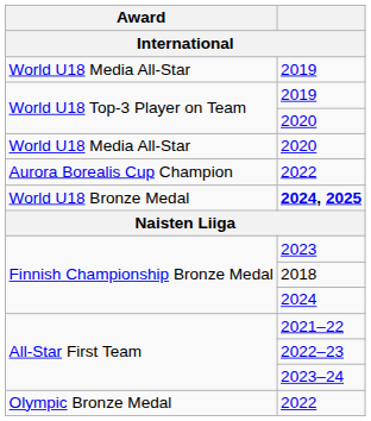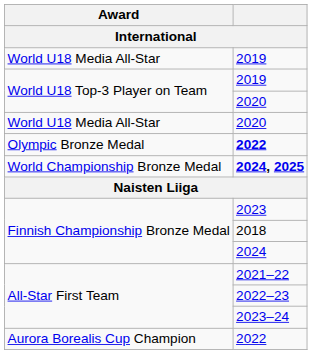 <table class="wikitable">
 <tr>
 <th scope="col">Award</th>
 <th scope="col"></th>
 </tr>
 <tr>
 <th colspan="2">International</th>
 </tr>
 <tr>
 <td><a href='#'>World U18</a> Media All-Star</td>
 <td><a href='#'>2019</a></td>
 </tr>
 <tr>
 <td rowspan="2"><a href='#'>World U18</a> Top-3 Player on Team</td>
 <td><a href='#'>2019</a></td>
 </tr>
 <tr>
 <td><a href='#'>2020</a></td>
 </tr>
 <tr>
 <td><a href='#'>World U18</a> Media All-Star</td>
 <td><a href='#'>2020</a></td>
 </tr>
 <tr>
-<td><a href='#'>Aurora Borealis Cup</a> Champion</td>
-<td><a href='#'>2022</a></td>
+<td><a href='#'>Olympic</a> Bronze Medal</td>
+<td><strong><a href='#'>2022</a></strong></td>
 </tr>
 <tr>
-<td><a href='#'>World U18</a> Bronze Medal</td>
+<td><a href='#'>World Championship</a> Bronze Medal</td>
 <td><strong><a href='#'>2024</a>, <a href='#'>2025</a></strong></td>
 </tr>
 <tr>
 <th colspan="2">Naisten Liiga</th>
 </tr>
 <tr>
 <td rowspan="3"><a href='#'>Finnish Championship</a> Bronze Medal</td>
 <td><a href='#'>2023</a></td>
 </tr>
 <tr>
 <td>2018</td>
 </tr>
 <tr>
 <td><a href='#'>2024</a></td>
 </tr>
 <tr>
 <td rowspan="3"><a href='#'>All-Star</a> First Team</td>
 <td><a href='#'>2021–22</a></td>
 </tr>
 <tr>
 <td><a href='#'>2022–23</a></td>
 </tr>
 <tr>
 <td><a href='#'>2023–24</a></td>
 </tr>
 <tr>
-<td><a href='#'>Olympic</a> Bronze Medal</td>
+<td><a href='#'>Aurora Borealis Cup</a> Champion</td>
 <td><a href='#'>2022</a></td>
 </tr>
 </table>
